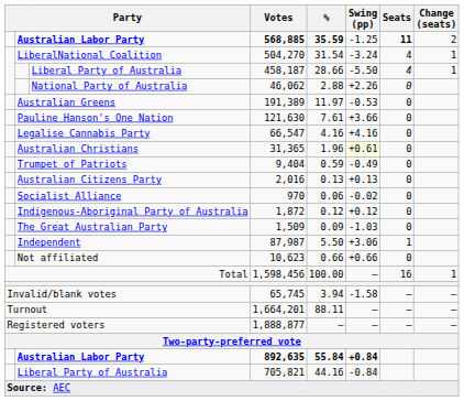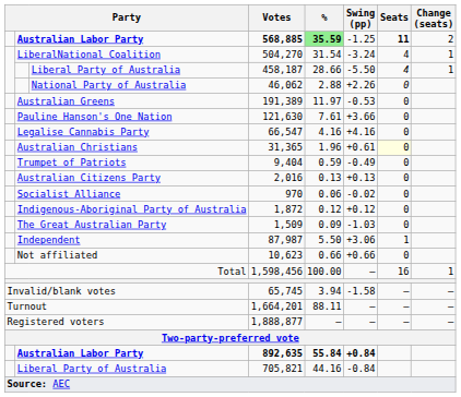 <table class="wikitable" style="text-align:right;  margin-bottom:0">
 <tr>
 <th style="width:200px" colspan=3>Party</th>
 <th style="width:70px;">Votes</th>
 <th style="width:40px;">%</th>
 <th style="width:40px;">Swing (pp)</th>
 <th style="width:40px;">Seats</th>
 <th style="width:40px;">Change (seats)</th>
 </tr>
 <tr>
 <td> </td>
 <td style="text-align:left;" colspan="2"><strong><a href='#'>Australian Labor Party</a></strong></td>
 <td align=right><strong>568,885</strong></td>
-<td align=right><strong>35.59</strong></td>
+<td align=right style="background: lightgreen;"><strong>35.59</strong></td>
 <td align=right>-1.25</td>
 <td align=right><strong>11</strong></td>
 <td align=right> 2</td>
 </tr>
 <tr>
 <td rowspan="3" ></td>
 <td colspan="2" align=left><a href='#'>LiberalNational Coalition</a></td>
 <td>504,270</td>
 <td>31.54</td>
 <td>-3.24</td>
 <td>4</td>
 <td> 1</td>
 </tr>
 <tr>
 <td> </td>
 <td align="left"><a href='#'>Liberal Party of Australia</a></td>
 <td>458,187</td>
 <td>28.66</td>
 <td>-5.50</td>
 <td><em>4</em></td>
 <td> 1</td>
 </tr>
 <tr>
 <td> </td>
 <td align="left"><a href='#'>National Party of Australia</a></td>
 <td>46,062</td>
 <td>2.88</td>
 <td>+2.26</td>
 <td><em>0</em></td>
 <td></td>
 </tr>
 <tr>
 <td> </td>
 <td style="text-align:left;" colspan="2"><a href='#'>Australian Greens</a></td>
 <td align=right>191,389</td>
 <td align=right>11.97</td>
 <td align=right>-0.53</td>
 <td align=right>0</td>
 <td align=right></td>
 </tr>
 <tr>
 <td> </td>
 <td style="text-align:left;" colspan="2"><a href='#'>Pauline Hanson's One Nation</a></td>
 <td align=right>121,630</td>
 <td align=right>7.61</td>
 <td align=right>+3.66</td>
 <td align=right>0</td>
 <td align=right></td>
 </tr>
 <tr>
 <td> </td>
 <td style="text-align:left;" colspan="2"><a href='#'>Legalise Cannabis Party</a></td>
 <td align=right>66,547</td>
 <td align=right>4.16</td>
 <td align=right>+4.16</td>
 <td align=right>0</td>
 <td align=right></td>
 </tr>
 <tr>
 <td> </td>
 <td style="text-align:left;" colspan="2"><a href='#'>Australian Christians</a></td>
 <td align=right>31,365</td>
 <td align=right>1.96</td>
-<td align=right style="background: lightyellow;">+0.61</td>
-<td align=right>0</td>
+<td align=right>+0.61</td>
+<td align=right style="background: lightyellow;">0</td>
 <td align=right></td>
 </tr>
 <tr>
 <td> </td>
 <td style="text-align:left;" colspan="2"><a href='#'>Trumpet of Patriots</a></td>
 <td align=right>9,404</td>
 <td align=right>0.59</td>
 <td align=right>-0.49</td>
 <td align=right>0</td>
 <td align=right></td>
 </tr>
 <tr>
 <td> </td>
 <td style="text-align:left;" colspan="2"><a href='#'>Australian Citizens Party</a></td>
 <td align=right>2,016</td>
 <td align=right>0.13</td>
 <td align=right>+0.13</td>
 <td align=right>0</td>
 <td align=right></td>
 </tr>
 <tr>
 <td> </td>
 <td style="text-align:left;" colspan="2"><a href='#'>Socialist Alliance</a></td>
 <td align=right>970</td>
 <td align=right>0.06</td>
 <td align=right>-0.02</td>
 <td align=right>0</td>
 <td align=right></td>
 </tr>
 <tr>
 <td> </td>
 <td style="text-align:left;" colspan="2"><a href='#'>Indigenous-Aboriginal Party of Australia</a></td>
 <td align=right>1,872</td>
 <td align=right>0.12</td>
 <td align=right>+0.12</td>
 <td align=right>0</td>
 <td align=right></td>
 </tr>
 <tr>
 <td> </td>
 <td style="text-align:left;" colspan="2"><a href='#'>The Great Australian Party</a></td>
 <td align=right>1,509</td>
 <td align=right>0.09</td>
 <td align=right>-1.03</td>
 <td align=right>0</td>
 <td align=right></td>
 </tr>
 <tr>
 <td> </td>
 <td style="text-align:left;" colspan="2"><a href='#'>Independent</a></td>
 <td align=right>87,987</td>
 <td align=right>5.50</td>
 <td align=right>+3.06</td>
 <td align=right>1</td>
 <td align=right></td>
 </tr>
 <tr>
 <td> </td>
 <td style="text-align:left;" colspan="2">Not affiliated</td>
 <td align=right>10,623</td>
 <td align=right>0.66</td>
 <td align=right>+0.66</td>
 <td align=right>0</td>
 <td align=right></td>
 </tr>
 <tr>
 <td colspan="3" align="right">Total</td>
 <td>1,598,456</td>
 <td>100.00</td>
 <td>–</td>
 <td>16</td>
 <td> 1</td>
 </tr>
 <tr>
 <th colspan="9"></th>
 </tr>
 <tr>
 <td style="text-align:left;" colspan="3">Invalid/blank votes</td>
 <td>65,745</td>
 <td>3.94</td>
 <td>-1.58</td>
 <td>–</td>
 <td>–</td>
 </tr>
 <tr>
 <td style="text-align:left;" colspan="3">Turnout</td>
 <td>1,664,201</td>
 <td>88.11</td>
 <td>–</td>
 <td>–</td>
 <td>–</td>
 </tr>
 <tr>
 <td colspan="3" style="text-align:left;">Registered voters</td>
 <td>1,888,877</td>
 <td>–</td>
 <td>–</td>
 <td>–</td>
 <td>–</td>
 </tr>
 <tr>
 <th colspan="8"><a href='#'>Two-party-preferred vote</a></th>
 </tr>
 <tr>
 <td></td>
 <td colspan="2" style="text-align:left;"><a href='#'><strong>Australian Labor Party</strong></a></td>
 <td><strong>892,635</strong></td>
 <td><strong>55.84</strong></td>
 <td><strong>+0.84</strong></td>
 <td></td>
 <td></td>
 </tr>
 <tr>
 <td></td>
 <td colspan="2" style="text-align:left;"><a href='#'>Liberal Party of Australia</a></td>
 <td>705,821</td>
 <td>44.16</td>
 <td>-0.84</td>
 <td></td>
 <td></td>
 </tr>
 <tr>
 <td style="text-align:left; background-color:#eaecf0" colspan="8"><strong>Source:</strong> <a href='#'>AEC</a></td>
 </tr>
 </table>
